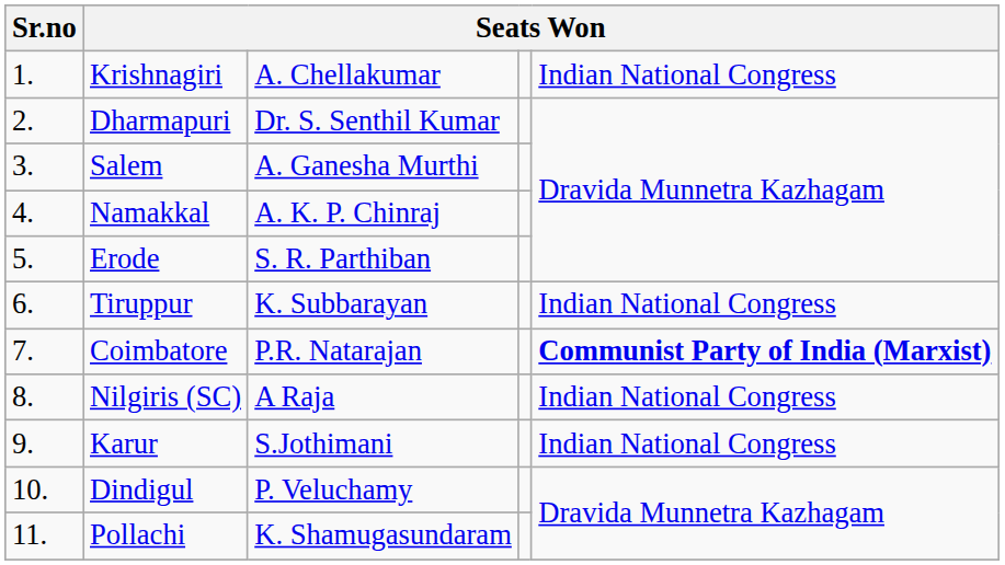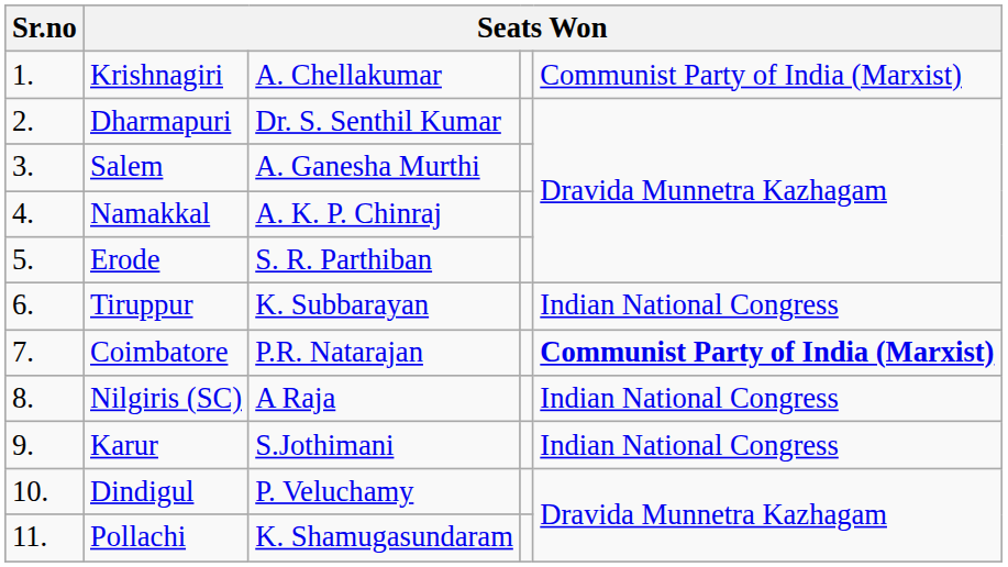 <table class="wikitable">
 <tr>
 <th>Sr.no</th>
 <th colspan="4">Seats Won</th>
 </tr>
 <tr>
 <td>1.</td>
 <td><a href='#'>Krishnagiri</a></td>
 <td><a href='#'>A. Chellakumar</a></td>
 <td></td>
-<td><a href='#'>Indian National Congress</a></td>
+<td><a href='#'>Communist Party of India (Marxist)</a></td>
 </tr>
 <tr>
 <td>2.</td>
 <td><a href='#'>Dharmapuri</a></td>
 <td><a href='#'>Dr. S. Senthil Kumar</a></td>
 <td></td>
 <td rowspan=4><a href='#'>Dravida Munnetra Kazhagam</a></td>
 </tr>
 <tr>
 <td>3.</td>
 <td><a href='#'>Salem</a></td>
 <td><a href='#'>A. Ganesha Murthi</a></td>
 <td></td>
 </tr>
 <tr>
 <td>4.</td>
 <td><a href='#'>Namakkal</a></td>
 <td><a href='#'>A. K. P. Chinraj</a></td>
 <td></td>
 </tr>
 <tr>
 <td>5.</td>
 <td><a href='#'>Erode</a></td>
 <td><a href='#'>S. R. Parthiban</a></td>
 <td></td>
 </tr>
 <tr>
 <td>6.</td>
 <td><a href='#'>Tiruppur</a></td>
 <td><a href='#'>K. Subbarayan</a></td>
 <td></td>
 <td><a href='#'>Indian National Congress</a></td>
 </tr>
 <tr>
 <td>7.</td>
 <td><a href='#'>Coimbatore</a></td>
 <td><a href='#'>P.R. Natarajan</a></td>
 <td></td>
 <td><strong><a href='#'>Communist Party of India (Marxist)</a></strong></td>
 </tr>
 <tr>
 <td>8.</td>
 <td><a href='#'>Nilgiris (SC)</a></td>
 <td><a href='#'>A Raja</a></td>
 <td></td>
 <td><a href='#'>Indian National Congress</a></td>
 </tr>
 <tr>
 <td>9.</td>
 <td><a href='#'>Karur</a></td>
 <td><a href='#'>S.Jothimani</a></td>
 <td></td>
 <td><a href='#'>Indian National Congress</a></td>
 </tr>
 <tr>
 <td>10.</td>
 <td><a href='#'>Dindigul</a></td>
 <td><a href='#'>P. Veluchamy</a></td>
 <td></td>
 <td rowspan=2><a href='#'>Dravida Munnetra Kazhagam</a></td>
 </tr>
 <tr>
 <td>11.</td>
 <td><a href='#'>Pollachi</a></td>
 <td><a href='#'>K. Shamugasundaram</a></td>
 <td></td>
 </tr>
 </table>
